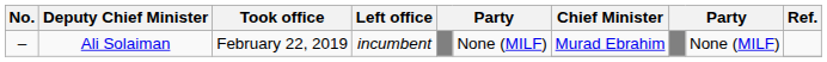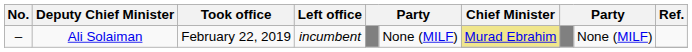 <table class="wikitable plainrowheaders" style="text-align: center;">
 <tr bgcolor=#cccccc>
 <th>No.</th>
 <th>Deputy Chief Minister</th>
 <th>Took office</th>
 <th>Left office</th>
 <th colspan=2>Party</th>
 <th>Chief Minister</th>
 <th colspan=2>Party</th>
 <th>Ref.</th>
 </tr>
 <tr>
 <td rowspan=2>–</td>
 <td rowspan=2><a href='#'>Ali Solaiman</a></td>
 <td rowspan=2>February 22, 2019</td>
 <td rowspan=2><em>incumbent</em></td>
 <td rowspan=2 width="2%" style="background:grey">  </td>
 <td rowspan=2>None (<a href='#'>MILF</a>)</td>
-<td><a href='#'>Murad Ebrahim</a> </td>
+<td style="background: khaki;"><a href='#'>Murad Ebrahim</a> </td>
 <td rowspan=2 width="2%" style="background:grey">  </td>
 <td rowspan=2>None (<a href='#'>MILF</a>)</td>
 <td></td>
 </tr>
 <tr>
 </tr>
 </table>
